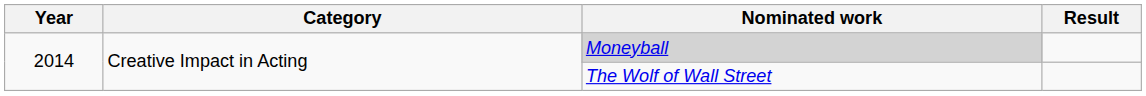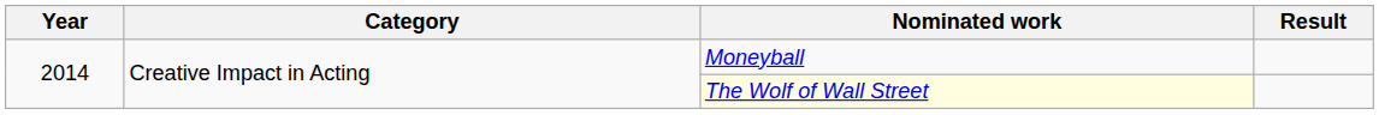 <table class=wikitable>
 <tr>
 <th scope="col" style="width:5em;">Year</th>
 <th scope="col" style="width:26em;">Category</th>
 <th scope="col" style="width:25em;">Nominated work</th>
 <th scope="col" style="width:5em;">Result</th>
 </tr>
 <tr>
 <td style="text-align:center;", rowspan="2">2014</td>
 <td rowspan="2">Creative Impact in Acting</td>
-<td style="background: lightgrey;"><em><a href='#'>Moneyball</a></em></td>
+<td><em><a href='#'>Moneyball</a></em></td>
 <td></td>
 </tr>
 <tr>
-<td><em><a href='#'>The Wolf of Wall Street</a></em></td>
+<td style="background: lightyellow;"><em><a href='#'>The Wolf of Wall Street</a></em></td>
 <td></td>
 </tr>
 </table>
